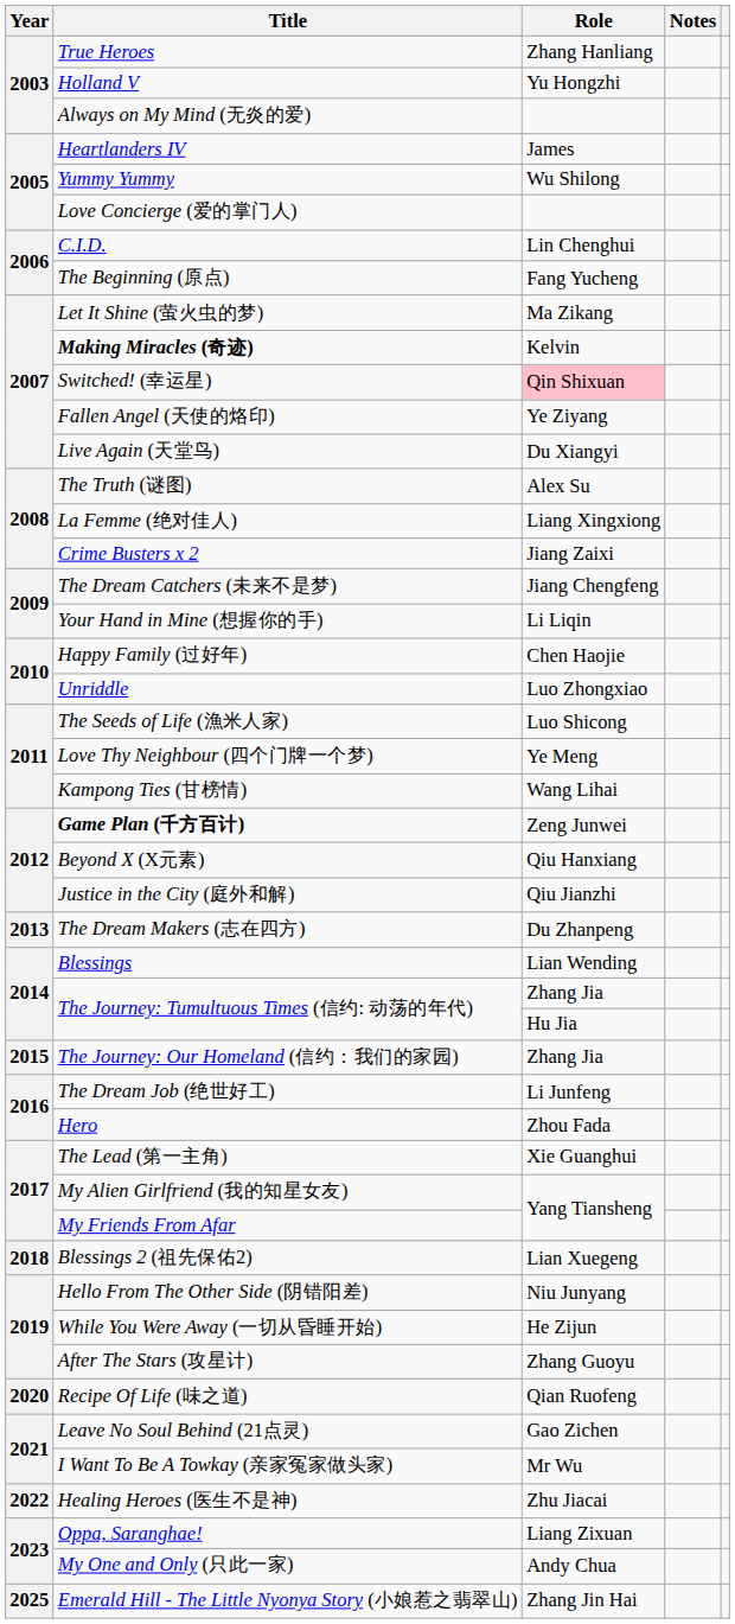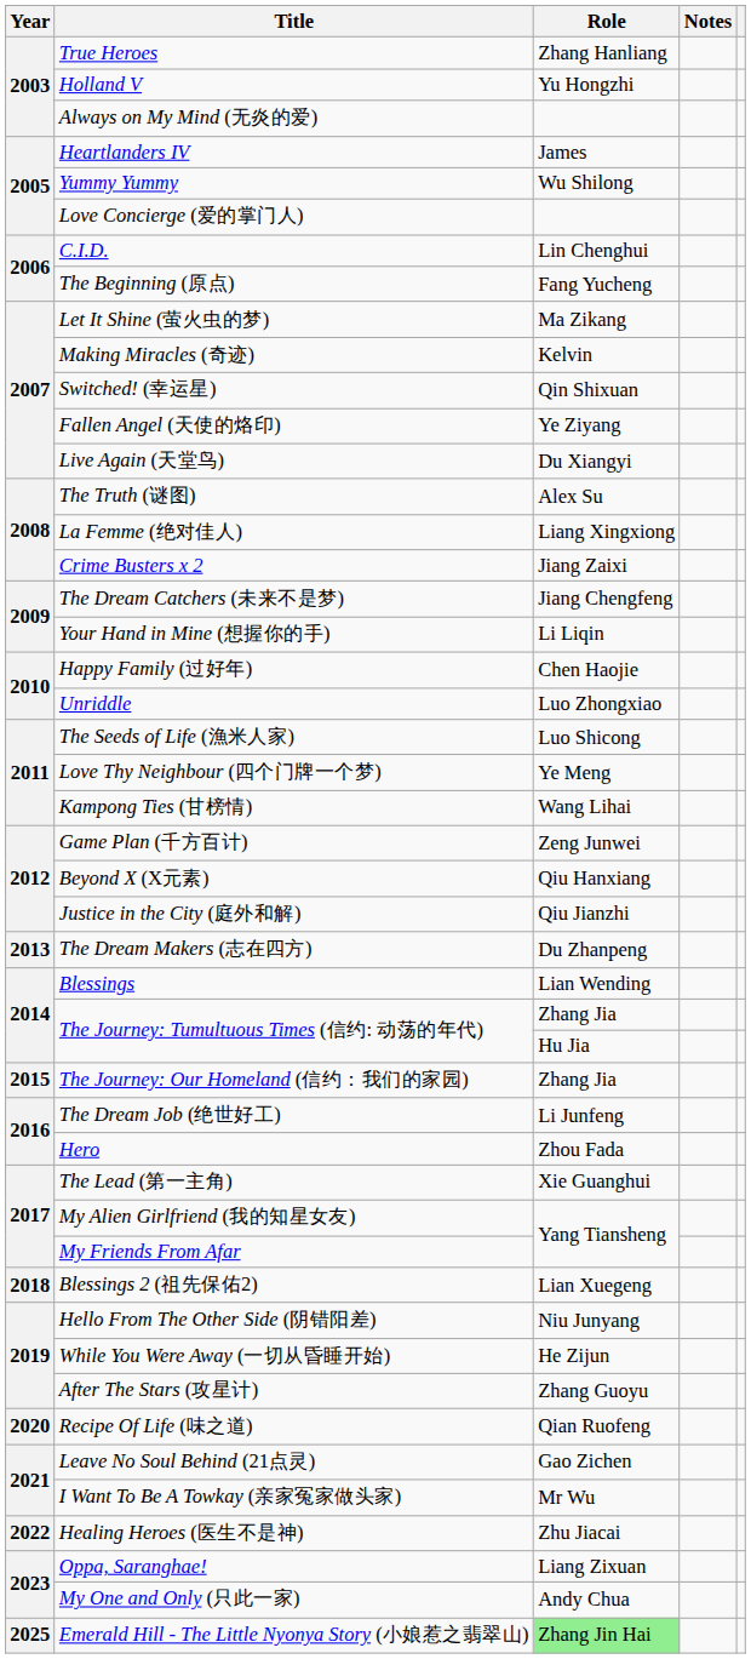 <table class="wikitable sortable plainrowheaders">
 <tr>
 <th scope="col">Year</th>
 <th scope="col">Title</th>
 <th scope="col">Role</th>
 <th scope="col" class="unsortable">Notes</th>
 <th scope="col" class="unsortable"></th>
 </tr>
 <tr>
 <th scope="row" rowspan="3">2003</th>
 <td><em><a href='#'>True Heroes</a></em></td>
 <td>Zhang Hanliang</td>
 <td></td>
 <td></td>
 </tr>
 <tr>
 <td><em><a href='#'>Holland V</a></em></td>
 <td>Yu Hongzhi</td>
 <td></td>
 <td></td>
 </tr>
 <tr>
 <td><em>Always on My Mind</em> (无炎的爱)</td>
 <td></td>
 <td></td>
 <td></td>
 </tr>
 <tr>
 <th scope="row" rowspan="3">2005</th>
 <td><em><a href='#'>Heartlanders IV</a></em></td>
 <td>James</td>
 <td></td>
 <td></td>
 </tr>
 <tr>
 <td><em><a href='#'>Yummy Yummy</a></em></td>
 <td>Wu Shilong</td>
 <td></td>
 <td></td>
 </tr>
 <tr>
 <td><em>Love Concierge</em> (爱的掌门人)</td>
 <td></td>
 <td></td>
 <td></td>
 </tr>
 <tr>
 <th scope="row" rowspan="2">2006</th>
 <td><em><a href='#'>C.I.D.</a></em></td>
 <td>Lin Chenghui</td>
 <td></td>
 <td></td>
 </tr>
 <tr>
 <td><em>The Beginning</em> (原点)</td>
 <td>Fang Yucheng</td>
 <td></td>
 <td></td>
 </tr>
 <tr>
 <th scope="row" rowspan="5">2007</th>
 <td><em>Let It Shine</em> (萤火虫的梦)</td>
 <td>Ma Zikang</td>
 <td></td>
 <td></td>
 </tr>
 <tr>
-<td><strong><em>Making Miracles</em> (奇迹)</strong></td>
+<td><em>Making Miracles</em> (奇迹)</td>
 <td>Kelvin</td>
 <td></td>
 <td></td>
 </tr>
 <tr>
 <td><em>Switched!</em> (幸运星)</td>
-<td style="background: pink;">Qin Shixuan</td>
+<td>Qin Shixuan</td>
 <td></td>
 <td></td>
 </tr>
 <tr>
 <td><em>Fallen Angel</em> (天使的烙印)</td>
 <td>Ye Ziyang</td>
 <td></td>
 <td></td>
 </tr>
 <tr>
 <td><em>Live Again</em>  (天堂鸟)</td>
 <td>Du Xiangyi</td>
 <td></td>
 <td></td>
 </tr>
 <tr>
 <th scope="row" rowspan="3">2008</th>
 <td><em>The Truth</em>  (谜图)</td>
 <td>Alex Su</td>
 <td></td>
 <td></td>
 </tr>
 <tr>
 <td><em>La Femme</em> (绝对佳人)</td>
 <td>Liang Xingxiong</td>
 <td></td>
 <td></td>
 </tr>
 <tr>
 <td><em><a href='#'>Crime Busters x 2</a></em></td>
 <td>Jiang Zaixi</td>
 <td></td>
 <td></td>
 </tr>
 <tr>
 <th scope="row" rowspan="2">2009</th>
 <td><em>The Dream Catchers</em>  (未来不是梦)</td>
 <td>Jiang Chengfeng</td>
 <td></td>
 <td></td>
 </tr>
 <tr>
 <td><em>Your Hand in Mine</em>  (想握你的手)</td>
 <td>Li Liqin</td>
 <td></td>
 <td></td>
 </tr>
 <tr>
 <th scope="row" rowspan="2">2010</th>
 <td><em>Happy Family</em>  (过好年)</td>
 <td>Chen Haojie</td>
 <td></td>
 <td></td>
 </tr>
 <tr>
 <td><em><a href='#'>Unriddle</a></em></td>
 <td>Luo Zhongxiao</td>
 <td></td>
 <td></td>
 </tr>
 <tr>
 <th scope="row" rowspan="3">2011</th>
 <td><em>The Seeds of Life</em>  (漁米人家)</td>
 <td>Luo Shicong</td>
 <td></td>
 <td></td>
 </tr>
 <tr>
 <td><em>Love Thy Neighbour</em>  (四个门牌一个梦)</td>
 <td>Ye Meng</td>
 <td></td>
 <td></td>
 </tr>
 <tr>
 <td><em>Kampong Ties</em>  (甘榜情)</td>
 <td>Wang Lihai</td>
 <td></td>
 <td></td>
 </tr>
 <tr>
 <th scope="row" rowspan="3">2012</th>
-<td><strong><em>Game Plan</em>  (千方百计)</strong></td>
+<td><em>Game Plan</em>  (千方百计)</td>
 <td>Zeng Junwei</td>
 <td></td>
 <td></td>
 </tr>
 <tr>
 <td><em>Beyond X</em>  (X元素)</td>
 <td>Qiu Hanxiang</td>
 <td></td>
 <td></td>
 </tr>
 <tr>
 <td><em>Justice in the City</em>  (庭外和解)</td>
 <td>Qiu Jianzhi</td>
 <td></td>
 <td></td>
 </tr>
 <tr>
 <th scope="row">2013</th>
 <td><em>The Dream Makers</em>  (志在四方)</td>
 <td>Du Zhanpeng</td>
 <td></td>
 <td></td>
 </tr>
 <tr>
 <th scope="row" rowspan="3">2014</th>
 <td><em><a href='#'>Blessings</a></em></td>
 <td>Lian Wending</td>
 <td></td>
 <td></td>
 </tr>
 <tr>
 <td rowspan="2"><em><a href='#'>The Journey: Tumultuous Times</a></em>  (信约: 动荡的年代)</td>
 <td>Zhang Jia</td>
 <td></td>
 <td></td>
 </tr>
 <tr>
 <td>Hu Jia</td>
 <td></td>
 <td></td>
 </tr>
 <tr>
 <th scope="row">2015</th>
 <td><em><a href='#'>The Journey: Our Homeland</a></em> (信约：我们的家园)</td>
 <td>Zhang Jia</td>
 <td></td>
 <td></td>
 </tr>
 <tr>
 <th scope="row" rowspan="2">2016</th>
 <td><em>The Dream Job</em>  (绝世好工)</td>
 <td>Li Junfeng</td>
 <td></td>
 <td></td>
 </tr>
 <tr>
 <td><em><a href='#'>Hero</a></em></td>
 <td>Zhou Fada</td>
 <td></td>
 <td></td>
 </tr>
 <tr>
 <th scope="row" rowspan="3">2017</th>
 <td><em>The Lead</em>  (第一主角)</td>
 <td>Xie Guanghui</td>
 <td></td>
 <td></td>
 </tr>
 <tr>
 <td><em>My Alien Girlfriend</em>  (我的知星女友)</td>
 <td rowspan="2">Yang Tiansheng</td>
 <td></td>
 <td></td>
 </tr>
 <tr>
 <td><em><a href='#'>My Friends From Afar</a></em></td>
 <td></td>
 <td></td>
 </tr>
 <tr>
 <th scope="row">2018</th>
 <td><em>Blessings 2</em>  (祖先保佑2)</td>
 <td>Lian Xuegeng</td>
 <td></td>
 <td></td>
 </tr>
 <tr>
 <th scope="row" rowspan="3">2019</th>
 <td><em>Hello From The Other Side</em> (阴错阳差)</td>
 <td>Niu Junyang</td>
 <td></td>
 <td></td>
 </tr>
 <tr>
 <td><em>While You Were Away</em>  (一切从昏睡开始)</td>
 <td>He Zijun</td>
 <td></td>
 <td></td>
 </tr>
 <tr>
 <td><em>After The Stars</em>  (攻星计)</td>
 <td>Zhang Guoyu</td>
 <td></td>
 <td></td>
 </tr>
 <tr>
 <th scope="row">2020</th>
 <td><em>Recipe Of Life</em>  (味之道)</td>
 <td>Qian Ruofeng</td>
 <td></td>
 <td></td>
 </tr>
 <tr>
 <th scope="row" rowspan="2">2021</th>
 <td><em>Leave No Soul Behind</em>  (21点灵)</td>
 <td>Gao Zichen</td>
 <td></td>
 <td></td>
 </tr>
 <tr>
 <td><em>I Want To Be A Towkay</em>  (亲家冤家做头家)</td>
 <td>Mr Wu</td>
 <td></td>
 <td></td>
 </tr>
 <tr>
 <th scope="row">2022</th>
 <td><em>Healing Heroes</em>  (医生不是神)</td>
 <td>Zhu Jiacai</td>
 <td></td>
 <td></td>
 </tr>
 <tr>
 <th scope="row" rowspan="2">2023</th>
 <td><em><a href='#'>Oppa, Saranghae!</a></em></td>
 <td>Liang Zixuan</td>
 <td></td>
 <td></td>
 </tr>
 <tr>
 <td><em><a href='#'>My One and Only</a></em> (只此一家)</td>
 <td>Andy Chua</td>
 <td></td>
 <td></td>
 </tr>
 <tr>
 <th scope="row">2025</th>
 <td><em><a href='#'>Emerald Hill - The Little Nyonya Story</a></em>  (小娘惹之翡翠山)</td>
-<td>Zhang Jin Hai</td>
+<td style="background: lightgreen;">Zhang Jin Hai</td>
 <td></td>
 <td style="text-align:center"></td>
 </tr>
 </table>
